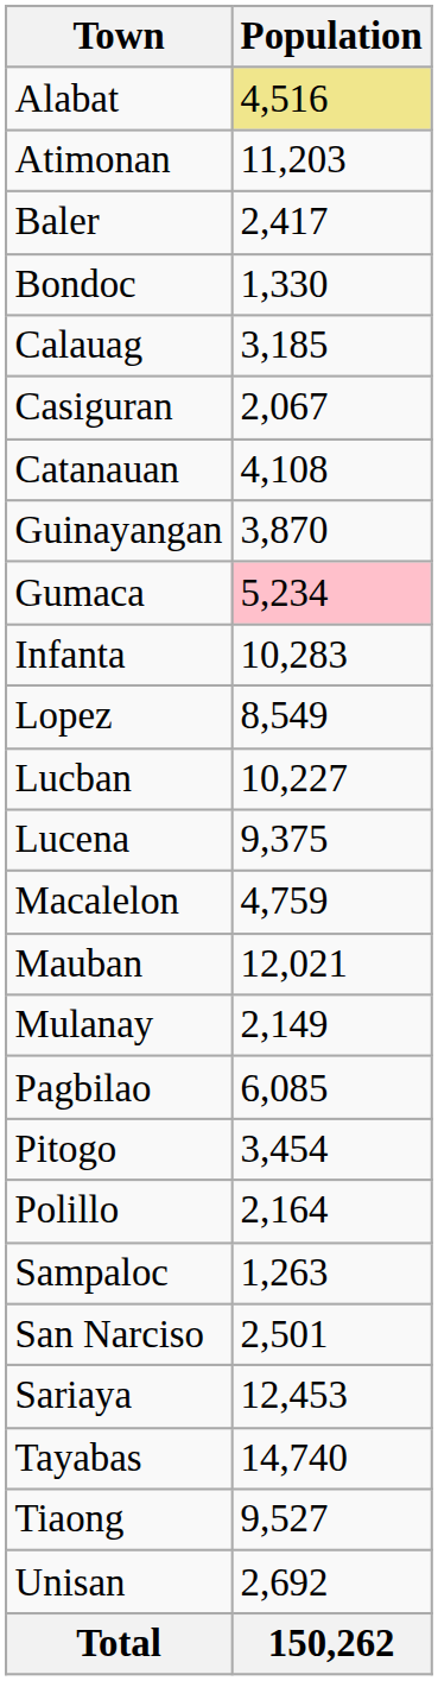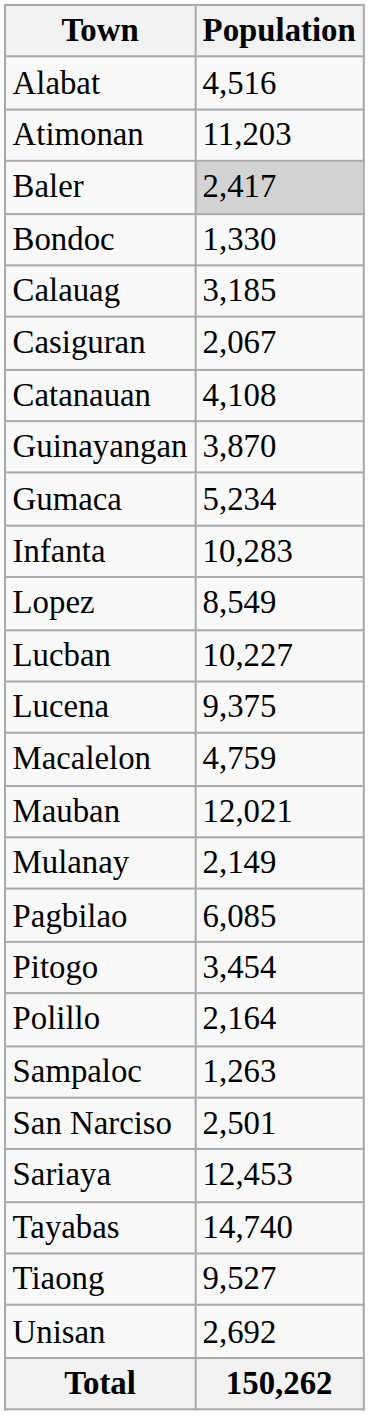 <table class="wikitable sortable">
 <tr>
 <th>Town</th>
 <th>Population</th>
 </tr>
 <tr>
 <td>Alabat</td>
-<td style="background: khaki;">4,516</td>
+<td>4,516</td>
 </tr>
 <tr>
 <td>Atimonan</td>
 <td>11,203</td>
 </tr>
 <tr>
 <td>Baler</td>
-<td>2,417</td>
+<td style="background: lightgrey;">2,417</td>
 </tr>
 <tr>
 <td>Bondoc</td>
 <td>1,330</td>
 </tr>
 <tr>
 <td>Calauag</td>
 <td>3,185</td>
 </tr>
 <tr>
 <td>Casiguran</td>
 <td>2,067</td>
 </tr>
 <tr>
 <td>Catanauan</td>
 <td>4,108</td>
 </tr>
 <tr>
 <td>Guinayangan</td>
 <td>3,870</td>
 </tr>
 <tr>
 <td>Gumaca</td>
-<td style="background: pink;">5,234</td>
+<td>5,234</td>
 </tr>
 <tr>
 <td>Infanta</td>
 <td>10,283</td>
 </tr>
 <tr>
 <td>Lopez</td>
 <td>8,549</td>
 </tr>
 <tr>
 <td>Lucban</td>
 <td>10,227</td>
 </tr>
 <tr>
 <td>Lucena</td>
 <td>9,375</td>
 </tr>
 <tr>
 <td>Macalelon</td>
 <td>4,759</td>
 </tr>
 <tr>
 <td>Mauban</td>
 <td>12,021</td>
 </tr>
 <tr>
 <td>Mulanay</td>
 <td>2,149</td>
 </tr>
 <tr>
 <td>Pagbilao</td>
 <td>6,085</td>
 </tr>
 <tr>
 <td>Pitogo</td>
 <td>3,454</td>
 </tr>
 <tr>
 <td>Polillo</td>
 <td>2,164</td>
 </tr>
 <tr>
 <td>Sampaloc</td>
 <td>1,263</td>
 </tr>
 <tr>
 <td>San Narciso</td>
 <td>2,501</td>
 </tr>
 <tr>
 <td>Sariaya</td>
 <td>12,453</td>
 </tr>
 <tr>
 <td>Tayabas</td>
 <td>14,740</td>
 </tr>
 <tr>
 <td>Tiaong</td>
 <td>9,527</td>
 </tr>
 <tr>
 <td>Unisan</td>
 <td>2,692</td>
 </tr>
 <tr>
 <th>Total</th>
 <th>150,262</th>
 </tr>
 </table>
